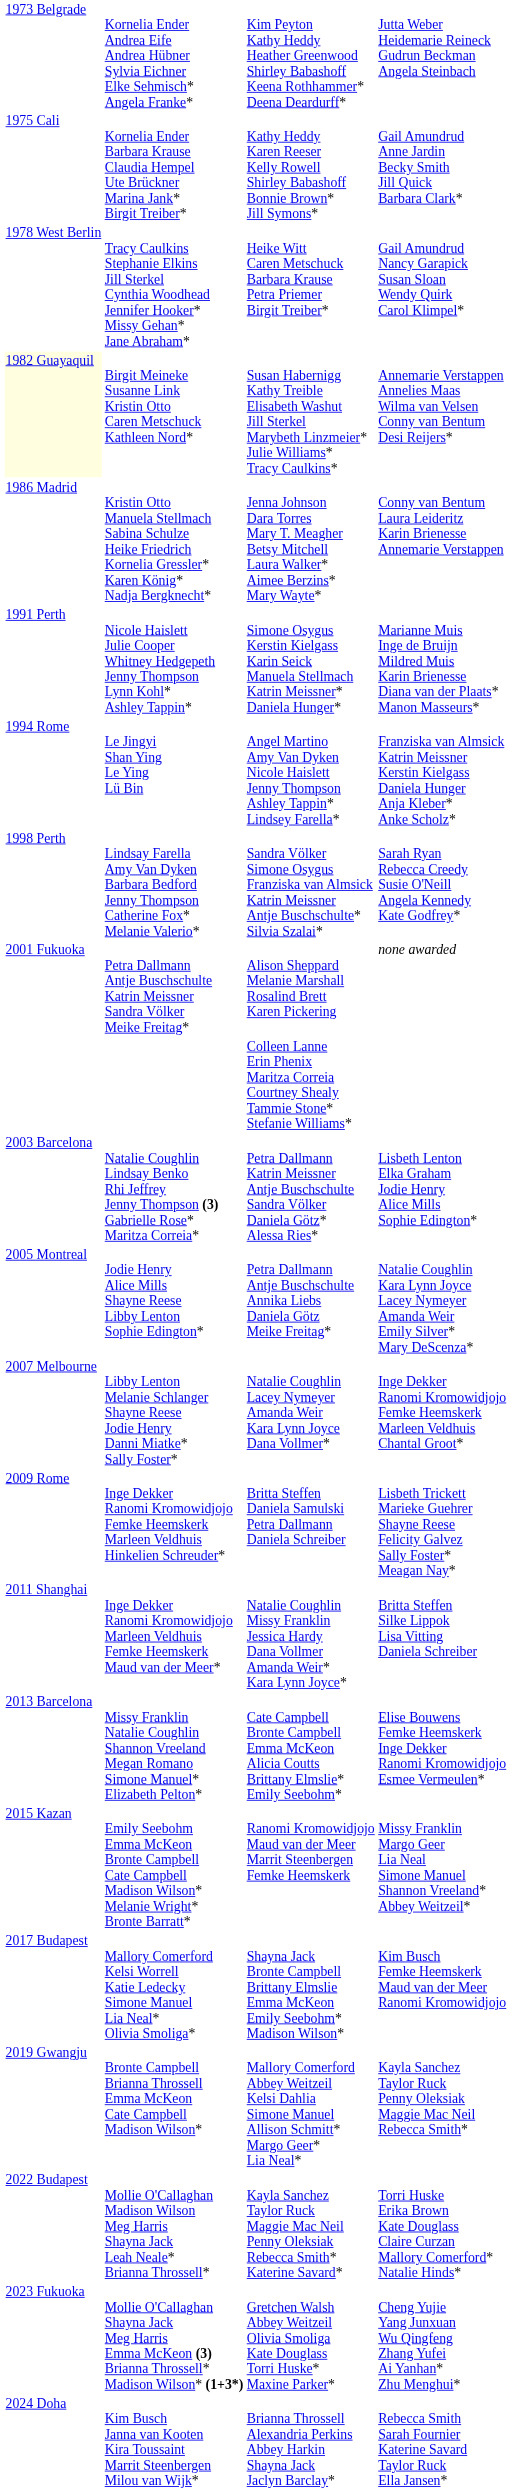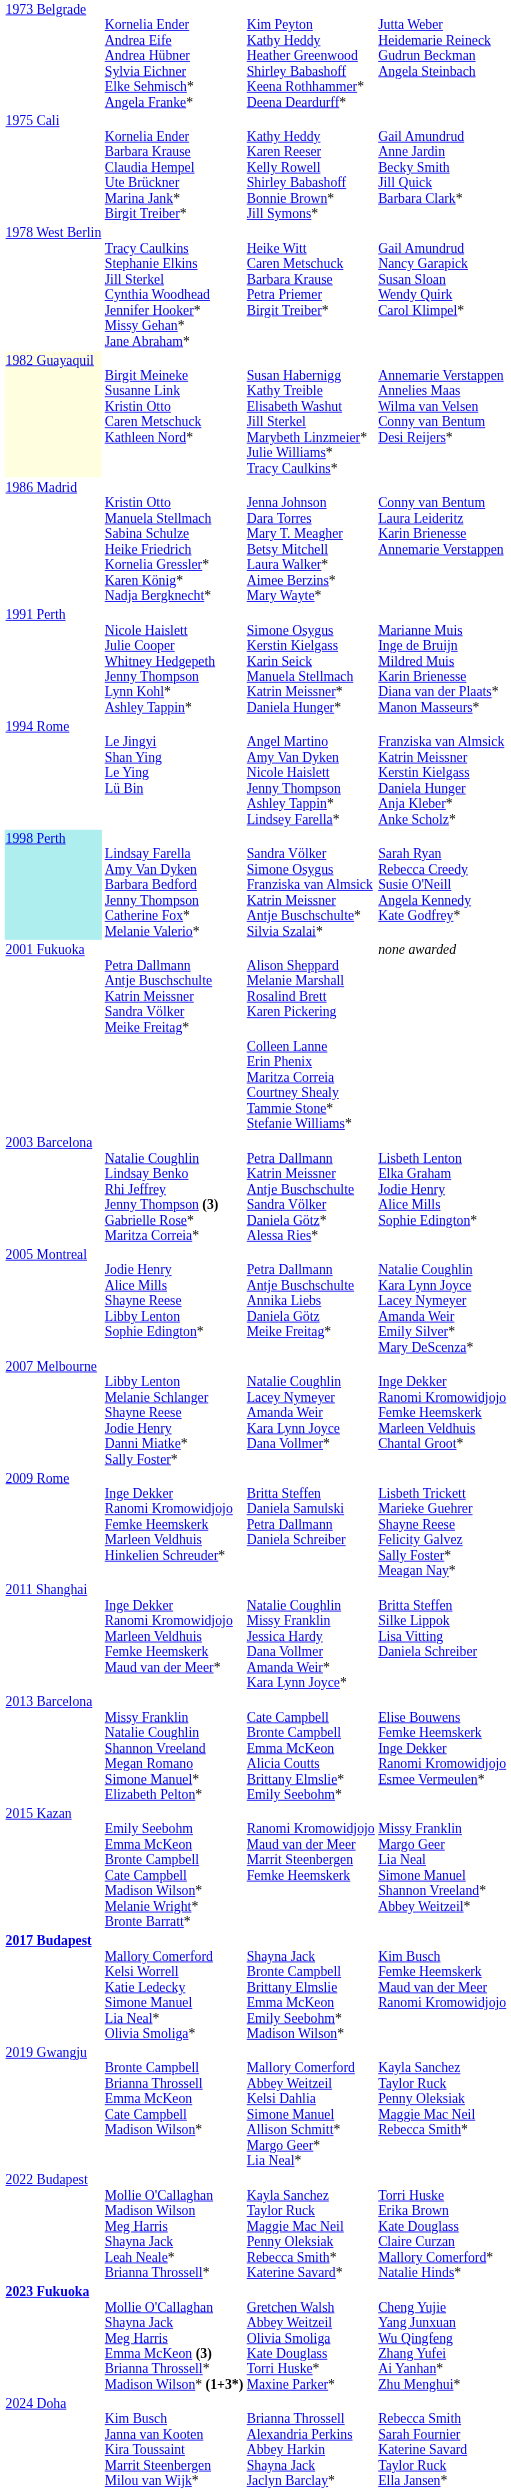 <table>
 <tr valign="top">
 <td><a href='#'>1973 Belgrade</a></td>
 <td><br><a href='#'>Kornelia Ender</a><br><a href='#'>Andrea Eife</a><br><a href='#'>Andrea Hübner</a><br><a href='#'>Sylvia Eichner</a><br><a href='#'>Elke Sehmisch</a>*<br><a href='#'>Angela Franke</a>*</td>
 <td><br><a href='#'>Kim Peyton</a><br><a href='#'>Kathy Heddy</a><br><a href='#'>Heather Greenwood</a><br><a href='#'>Shirley Babashoff</a><br><a href='#'>Keena Rothhammer</a>*<br><a href='#'>Deena Deardurff</a>*</td>
 <td><br><a href='#'>Jutta Weber</a><br><a href='#'>Heidemarie Reineck</a><br><a href='#'>Gudrun Beckman</a><br><a href='#'>Angela Steinbach</a></td>
 </tr>
 <tr valign="top">
 <td><a href='#'>1975 Cali</a></td>
 <td><br><a href='#'>Kornelia Ender</a><br><a href='#'>Barbara Krause</a><br><a href='#'>Claudia Hempel</a><br><a href='#'>Ute Brückner</a><br><a href='#'>Marina Jank</a>*<br><a href='#'>Birgit Treiber</a>*</td>
 <td><br><a href='#'>Kathy Heddy</a><br><a href='#'>Karen Reeser</a><br><a href='#'>Kelly Rowell</a><br><a href='#'>Shirley Babashoff</a><br><a href='#'>Bonnie Brown</a>*<br><a href='#'>Jill Symons</a>*</td>
 <td><br><a href='#'>Gail Amundrud</a><br><a href='#'>Anne Jardin</a><br><a href='#'>Becky Smith</a><br><a href='#'>Jill Quick</a><br><a href='#'>Barbara Clark</a>*</td>
 </tr>
 <tr valign="top">
 <td><a href='#'>1978 West Berlin</a></td>
 <td><br><a href='#'>Tracy Caulkins</a><br><a href='#'>Stephanie Elkins</a><br><a href='#'>Jill Sterkel</a><br><a href='#'>Cynthia Woodhead</a><br><a href='#'>Jennifer Hooker</a>*<br><a href='#'>Missy Gehan</a>*<br><a href='#'>Jane Abraham</a>*</td>
 <td><br><a href='#'>Heike Witt</a><br><a href='#'>Caren Metschuck</a><br><a href='#'>Barbara Krause</a><br><a href='#'>Petra Priemer</a><br><a href='#'>Birgit Treiber</a>*</td>
 <td><br><a href='#'>Gail Amundrud</a><br><a href='#'>Nancy Garapick</a><br><a href='#'>Susan Sloan</a><br><a href='#'>Wendy Quirk</a><br><a href='#'>Carol Klimpel</a>*</td>
 </tr>
 <tr valign="top">
 <td style="background: lightyellow;"><a href='#'>1982 Guayaquil</a></td>
 <td><br><a href='#'>Birgit Meineke</a><br><a href='#'>Susanne Link</a><br><a href='#'>Kristin Otto</a><br><a href='#'>Caren Metschuck</a><br><a href='#'>Kathleen Nord</a>*</td>
 <td><br><a href='#'>Susan Habernigg</a><br><a href='#'>Kathy Treible</a><br><a href='#'>Elisabeth Washut</a><br><a href='#'>Jill Sterkel</a><br><a href='#'>Marybeth Linzmeier</a>*<br><a href='#'>Julie Williams</a>*<br><a href='#'>Tracy Caulkins</a>*</td>
 <td><br><a href='#'>Annemarie Verstappen</a><br><a href='#'>Annelies Maas</a><br><a href='#'>Wilma van Velsen</a><br><a href='#'>Conny van Bentum</a><br><a href='#'>Desi Reijers</a>*</td>
 </tr>
 <tr valign="top">
 <td><a href='#'>1986 Madrid</a></td>
 <td><br><a href='#'>Kristin Otto</a><br><a href='#'>Manuela Stellmach</a><br><a href='#'>Sabina Schulze</a><br><a href='#'>Heike Friedrich</a><br><a href='#'>Kornelia Gressler</a>*<br><a href='#'>Karen König</a>*<br><a href='#'>Nadja Bergknecht</a>*</td>
 <td><br><a href='#'>Jenna Johnson</a><br><a href='#'>Dara Torres</a><br><a href='#'>Mary T. Meagher</a><br><a href='#'>Betsy Mitchell</a><br><a href='#'>Laura Walker</a>*<br><a href='#'>Aimee Berzins</a>*<br><a href='#'>Mary Wayte</a>*</td>
 <td><br><a href='#'>Conny van Bentum</a><br><a href='#'>Laura Leideritz</a><br><a href='#'>Karin Brienesse</a><br><a href='#'>Annemarie Verstappen</a></td>
 </tr>
 <tr valign="top">
 <td><a href='#'>1991 Perth</a></td>
 <td><br><a href='#'>Nicole Haislett</a><br><a href='#'>Julie Cooper</a><br><a href='#'>Whitney Hedgepeth</a><br><a href='#'>Jenny Thompson</a><br><a href='#'>Lynn Kohl</a>*<br><a href='#'>Ashley Tappin</a>*</td>
 <td><br><a href='#'>Simone Osygus</a><br><a href='#'>Kerstin Kielgass</a><br><a href='#'>Karin Seick</a><br><a href='#'>Manuela Stellmach</a><br><a href='#'>Katrin Meissner</a>*<br><a href='#'>Daniela Hunger</a>*</td>
 <td><br><a href='#'>Marianne Muis</a><br><a href='#'>Inge de Bruijn</a><br><a href='#'>Mildred Muis</a><br><a href='#'>Karin Brienesse</a><br><a href='#'>Diana van der Plaats</a>*<br><a href='#'>Manon Masseurs</a>*</td>
 </tr>
 <tr valign="top">
 <td><a href='#'>1994 Rome</a></td>
 <td><br><a href='#'>Le Jingyi</a><br><a href='#'>Shan Ying</a><br><a href='#'>Le Ying</a><br><a href='#'>Lü Bin</a></td>
 <td><br><a href='#'>Angel Martino</a><br><a href='#'>Amy Van Dyken</a><br><a href='#'>Nicole Haislett</a><br><a href='#'>Jenny Thompson</a><br><a href='#'>Ashley Tappin</a>*<br><a href='#'>Lindsey Farella</a>*</td>
 <td><br><a href='#'>Franziska van Almsick</a><br><a href='#'>Katrin Meissner</a><br><a href='#'>Kerstin Kielgass</a><br><a href='#'>Daniela Hunger</a><br><a href='#'>Anja Kleber</a>*<br><a href='#'>Anke Scholz</a>*</td>
 </tr>
 <tr valign="top">
-<td><a href='#'>1998 Perth</a></td>
+<td style="background: paleturquoise;"><a href='#'>1998 Perth</a></td>
 <td><br><a href='#'>Lindsay Farella</a><br><a href='#'>Amy Van Dyken</a><br><a href='#'>Barbara Bedford</a><br><a href='#'>Jenny Thompson</a><br><a href='#'>Catherine Fox</a>*<br><a href='#'>Melanie Valerio</a>*</td>
 <td><br><a href='#'>Sandra Völker</a><br><a href='#'>Simone Osygus</a><br><a href='#'>Franziska van Almsick</a><br><a href='#'>Katrin Meissner</a><br><a href='#'>Antje Buschschulte</a>*<br><a href='#'>Silvia Szalai</a>*</td>
 <td><br><a href='#'>Sarah Ryan</a><br><a href='#'>Rebecca Creedy</a><br><a href='#'>Susie O'Neill</a><br><a href='#'>Angela Kennedy</a><br><a href='#'>Kate Godfrey</a>*</td>
 </tr>
 <tr valign=top>
 <td rowspan=2><a href='#'>2001 Fukuoka</a></td>
 <td rowspan=2><br><a href='#'>Petra Dallmann</a><br><a href='#'>Antje Buschschulte</a><br><a href='#'>Katrin Meissner</a><br><a href='#'>Sandra Völker</a><br><a href='#'>Meike Freitag</a>*</td>
 <td><br><a href='#'>Alison Sheppard</a><br><a href='#'>Melanie Marshall</a><br><a href='#'>Rosalind Brett</a><br><a href='#'>Karen Pickering</a></td>
 <td rowspan=2><em>none awarded</em></td>
 </tr>
 <tr>
 <td><br><a href='#'>Colleen Lanne</a><br><a href='#'>Erin Phenix</a><br><a href='#'>Maritza Correia</a><br><a href='#'>Courtney Shealy</a><br><a href='#'>Tammie Stone</a>*<br><a href='#'>Stefanie Williams</a>*</td>
 </tr>
 <tr valign="top">
 <td><a href='#'>2003 Barcelona</a></td>
 <td><br><a href='#'>Natalie Coughlin</a><br><a href='#'>Lindsay Benko</a><br><a href='#'>Rhi Jeffrey</a><br><a href='#'>Jenny Thompson</a> <strong>(3)</strong><br><a href='#'>Gabrielle Rose</a>*<br><a href='#'>Maritza Correia</a>*</td>
 <td><br><a href='#'>Petra Dallmann</a><br><a href='#'>Katrin Meissner</a><br><a href='#'>Antje Buschschulte</a><br><a href='#'>Sandra Völker</a><br><a href='#'>Daniela Götz</a>*<br><a href='#'>Alessa Ries</a>*</td>
 <td><br><a href='#'>Lisbeth Lenton</a><br><a href='#'>Elka Graham</a><br><a href='#'>Jodie Henry</a><br><a href='#'>Alice Mills</a><br><a href='#'>Sophie Edington</a>*</td>
 </tr>
 <tr valign="top">
 <td><a href='#'>2005 Montreal</a></td>
 <td><br><a href='#'>Jodie Henry</a><br><a href='#'>Alice Mills</a><br><a href='#'>Shayne Reese</a><br><a href='#'>Libby Lenton</a><br><a href='#'>Sophie Edington</a>*</td>
 <td><br><a href='#'>Petra Dallmann</a><br><a href='#'>Antje Buschschulte</a><br><a href='#'>Annika Liebs</a><br><a href='#'>Daniela Götz</a><br><a href='#'>Meike Freitag</a>*</td>
 <td><br><a href='#'>Natalie Coughlin</a><br><a href='#'>Kara Lynn Joyce</a><br><a href='#'>Lacey Nymeyer</a><br><a href='#'>Amanda Weir</a><br><a href='#'>Emily Silver</a>*<br><a href='#'>Mary DeScenza</a>*</td>
 </tr>
 <tr valign="top">
 <td><a href='#'>2007 Melbourne</a></td>
 <td><br><a href='#'>Libby Lenton</a><br><a href='#'>Melanie Schlanger</a><br><a href='#'>Shayne Reese</a><br><a href='#'>Jodie Henry</a><br><a href='#'>Danni Miatke</a>*<br><a href='#'>Sally Foster</a>*</td>
 <td><br><a href='#'>Natalie Coughlin</a><br><a href='#'>Lacey Nymeyer</a><br><a href='#'>Amanda Weir</a><br><a href='#'>Kara Lynn Joyce</a><br><a href='#'>Dana Vollmer</a>*</td>
 <td><br><a href='#'>Inge Dekker</a><br><a href='#'>Ranomi Kromowidjojo</a><br><a href='#'>Femke Heemskerk</a><br><a href='#'>Marleen Veldhuis</a><br><a href='#'>Chantal Groot</a>*</td>
 </tr>
 <tr valign="top">
 <td><a href='#'>2009 Rome</a></td>
 <td><br><a href='#'>Inge Dekker</a><br><a href='#'>Ranomi Kromowidjojo</a><br><a href='#'>Femke Heemskerk</a><br><a href='#'>Marleen Veldhuis</a><br><a href='#'>Hinkelien Schreuder</a>*</td>
 <td><br><a href='#'>Britta Steffen</a><br><a href='#'>Daniela Samulski</a><br><a href='#'>Petra Dallmann</a><br><a href='#'>Daniela Schreiber</a></td>
 <td><br><a href='#'>Lisbeth Trickett</a><br><a href='#'>Marieke Guehrer</a><br><a href='#'>Shayne Reese</a><br><a href='#'>Felicity Galvez</a><br><a href='#'>Sally Foster</a>*<br><a href='#'>Meagan Nay</a>*</td>
 </tr>
 <tr valign="top">
 <td><a href='#'>2011 Shanghai</a></td>
 <td><br><a href='#'>Inge Dekker</a><br><a href='#'>Ranomi Kromowidjojo</a><br><a href='#'>Marleen Veldhuis</a><br><a href='#'>Femke Heemskerk</a><br><a href='#'>Maud van der Meer</a>*</td>
 <td><br><a href='#'>Natalie Coughlin</a><br><a href='#'>Missy Franklin</a><br><a href='#'>Jessica Hardy</a><br><a href='#'>Dana Vollmer</a><br><a href='#'>Amanda Weir</a>*<br><a href='#'>Kara Lynn Joyce</a>*</td>
 <td><br><a href='#'>Britta Steffen</a><br><a href='#'>Silke Lippok</a><br><a href='#'>Lisa Vitting</a><br><a href='#'>Daniela Schreiber</a></td>
 </tr>
 <tr valign="top">
 <td><a href='#'>2013 Barcelona</a></td>
 <td><br><a href='#'>Missy Franklin</a><br><a href='#'>Natalie Coughlin</a><br><a href='#'>Shannon Vreeland</a><br><a href='#'>Megan Romano</a><br><a href='#'>Simone Manuel</a>*<br><a href='#'>Elizabeth Pelton</a>*</td>
 <td><br><a href='#'>Cate Campbell</a><br><a href='#'>Bronte Campbell</a><br><a href='#'>Emma McKeon</a><br><a href='#'>Alicia Coutts</a><br><a href='#'>Brittany Elmslie</a>*<br><a href='#'>Emily Seebohm</a>*</td>
 <td><br><a href='#'>Elise Bouwens</a><br><a href='#'>Femke Heemskerk</a><br><a href='#'>Inge Dekker</a><br><a href='#'>Ranomi Kromowidjojo</a><br><a href='#'>Esmee Vermeulen</a>*</td>
 </tr>
 <tr valign="top">
 <td><a href='#'>2015 Kazan</a></td>
 <td><br><a href='#'>Emily Seebohm</a><br><a href='#'>Emma McKeon</a><br><a href='#'>Bronte Campbell</a><br><a href='#'>Cate Campbell</a><br><a href='#'>Madison Wilson</a>*<br><a href='#'>Melanie Wright</a>*<br><a href='#'>Bronte Barratt</a>*</td>
 <td><br><a href='#'>Ranomi Kromowidjojo</a><br><a href='#'>Maud van der Meer</a><br><a href='#'>Marrit Steenbergen</a><br><a href='#'>Femke Heemskerk</a></td>
 <td><br><a href='#'>Missy Franklin</a><br><a href='#'>Margo Geer</a><br><a href='#'>Lia Neal</a><br><a href='#'>Simone Manuel</a><br><a href='#'>Shannon Vreeland</a>*<br><a href='#'>Abbey Weitzeil</a>*</td>
 </tr>
 <tr valign="top">
-<td><a href='#'>2017 Budapest</a></td>
+<td><strong><a href='#'>2017 Budapest</a></strong></td>
 <td><br><a href='#'>Mallory Comerford</a><br><a href='#'>Kelsi Worrell</a><br><a href='#'>Katie Ledecky</a><br><a href='#'>Simone Manuel</a><br><a href='#'>Lia Neal</a>*<br><a href='#'>Olivia Smoliga</a>*</td>
 <td><br><a href='#'>Shayna Jack</a><br><a href='#'>Bronte Campbell</a><br><a href='#'>Brittany Elmslie</a><br><a href='#'>Emma McKeon</a><br><a href='#'>Emily Seebohm</a>*<br><a href='#'>Madison Wilson</a>*</td>
 <td><br><a href='#'>Kim Busch</a><br><a href='#'>Femke Heemskerk</a><br><a href='#'>Maud van der Meer</a><br><a href='#'>Ranomi Kromowidjojo</a></td>
 </tr>
 <tr valign="top">
 <td><a href='#'>2019 Gwangju</a></td>
 <td><br><a href='#'>Bronte Campbell</a><br><a href='#'>Brianna Throssell</a><br><a href='#'>Emma McKeon</a><br><a href='#'>Cate Campbell</a><br><a href='#'>Madison Wilson</a>*</td>
 <td><br><a href='#'>Mallory Comerford</a><br><a href='#'>Abbey Weitzeil</a><br><a href='#'>Kelsi Dahlia</a><br><a href='#'>Simone Manuel</a><br><a href='#'>Allison Schmitt</a>*<br><a href='#'>Margo Geer</a>*<br><a href='#'>Lia Neal</a>*</td>
 <td><br><a href='#'>Kayla Sanchez</a><br><a href='#'>Taylor Ruck</a><br><a href='#'>Penny Oleksiak</a><br><a href='#'>Maggie Mac Neil</a><br><a href='#'>Rebecca Smith</a>*</td>
 </tr>
 <tr valign="top">
 <td><a href='#'>2022 Budapest</a></td>
 <td><br><a href='#'>Mollie O'Callaghan</a><br><a href='#'>Madison Wilson</a><br><a href='#'>Meg Harris</a><br><a href='#'>Shayna Jack</a><br><a href='#'>Leah Neale</a>*<br><a href='#'>Brianna Throssell</a>*</td>
 <td><br><a href='#'>Kayla Sanchez</a><br><a href='#'>Taylor Ruck</a><br><a href='#'>Maggie Mac Neil</a><br><a href='#'>Penny Oleksiak</a><br><a href='#'>Rebecca Smith</a>*<br><a href='#'>Katerine Savard</a>*</td>
 <td><br><a href='#'>Torri Huske</a><br><a href='#'>Erika Brown</a><br><a href='#'>Kate Douglass</a><br><a href='#'>Claire Curzan</a><br><a href='#'>Mallory Comerford</a>*<br><a href='#'>Natalie Hinds</a>*</td>
 </tr>
 <tr valign="top">
-<td><a href='#'>2023 Fukuoka</a></td>
+<td><strong><a href='#'>2023 Fukuoka</a></strong></td>
 <td><br><a href='#'>Mollie O'Callaghan</a><br><a href='#'>Shayna Jack</a><br><a href='#'>Meg Harris</a><br><a href='#'>Emma McKeon</a>  <strong>(3)</strong><br><a href='#'>Brianna Throssell</a>*<br><a href='#'>Madison Wilson</a>* <strong>(1+3*)</strong></td>
 <td><br><a href='#'>Gretchen Walsh</a><br><a href='#'>Abbey Weitzeil</a><br><a href='#'>Olivia Smoliga</a><br><a href='#'>Kate Douglass</a><br><a href='#'>Torri Huske</a>*<br><a href='#'>Maxine Parker</a>*</td>
 <td><br><a href='#'>Cheng Yujie</a><br><a href='#'>Yang Junxuan</a><br><a href='#'>Wu Qingfeng</a><br><a href='#'>Zhang Yufei</a><br><a href='#'>Ai Yanhan</a>*<br><a href='#'>Zhu Menghui</a>*</td>
 </tr>
 <tr valign="top">
 <td><a href='#'>2024 Doha</a></td>
 <td><br><a href='#'>Kim Busch</a><br><a href='#'>Janna van Kooten</a><br><a href='#'>Kira Toussaint</a><br><a href='#'>Marrit Steenbergen</a><br><a href='#'>Milou van Wijk</a>*</td>
 <td><br><a href='#'>Brianna Throssell</a><br><a href='#'>Alexandria Perkins</a><br><a href='#'>Abbey Harkin</a><br><a href='#'>Shayna Jack</a><br><a href='#'>Jaclyn Barclay</a>*</td>
 <td><br><a href='#'>Rebecca Smith</a><br><a href='#'>Sarah Fournier</a><br><a href='#'>Katerine Savard</a><br><a href='#'>Taylor Ruck</a><br><a href='#'>Ella Jansen</a>*</td>
 </tr>
 </table>
